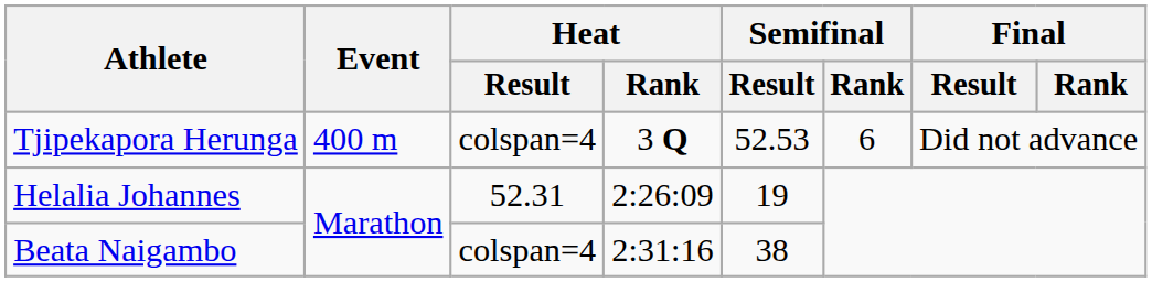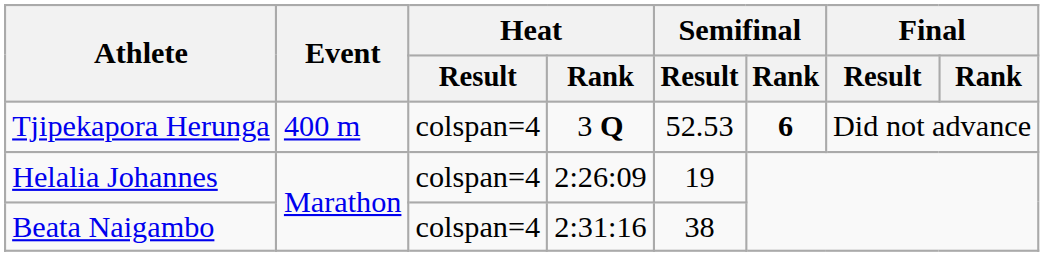 <table class="wikitable" style="font-size:90%">
 <tr>
 <th rowspan="2">Athlete</th>
 <th rowspan="2">Event</th>
 <th colspan="2">Heat</th>
 <th colspan="2">Semifinal</th>
 <th colspan="2">Final</th>
 </tr>
 <tr style="font-size:95%">
 <th>Result</th>
 <th>Rank</th>
 <th>Result</th>
 <th>Rank</th>
 <th>Result</th>
 <th>Rank</th>
 </tr>
 <tr align=center>
 <td align=left><a href='#'>Tjipekapora Herunga</a></td>
 <td align=left><a href='#'>400 m</a></td>
 <td>colspan=4 </td>
 <td>3 <strong>Q</strong></td>
 <td>52.53</td>
-<td>6</td>
+<td><strong>6</strong></td>
 <td colspan=2>Did not advance</td>
 </tr>
 <tr align=center>
 <td align=left><a href='#'>Helalia Johannes</a></td>
 <td align=left rowspan=2><a href='#'>Marathon</a></td>
-<td>52.31</td>
+<td>colspan=4 </td>
 <td>2:26:09</td>
 <td>19</td>
 </tr>
 <tr align=center>
 <td align=left><a href='#'>Beata Naigambo</a></td>
 <td>colspan=4 </td>
 <td>2:31:16</td>
 <td>38</td>
 </tr>
 </table>
